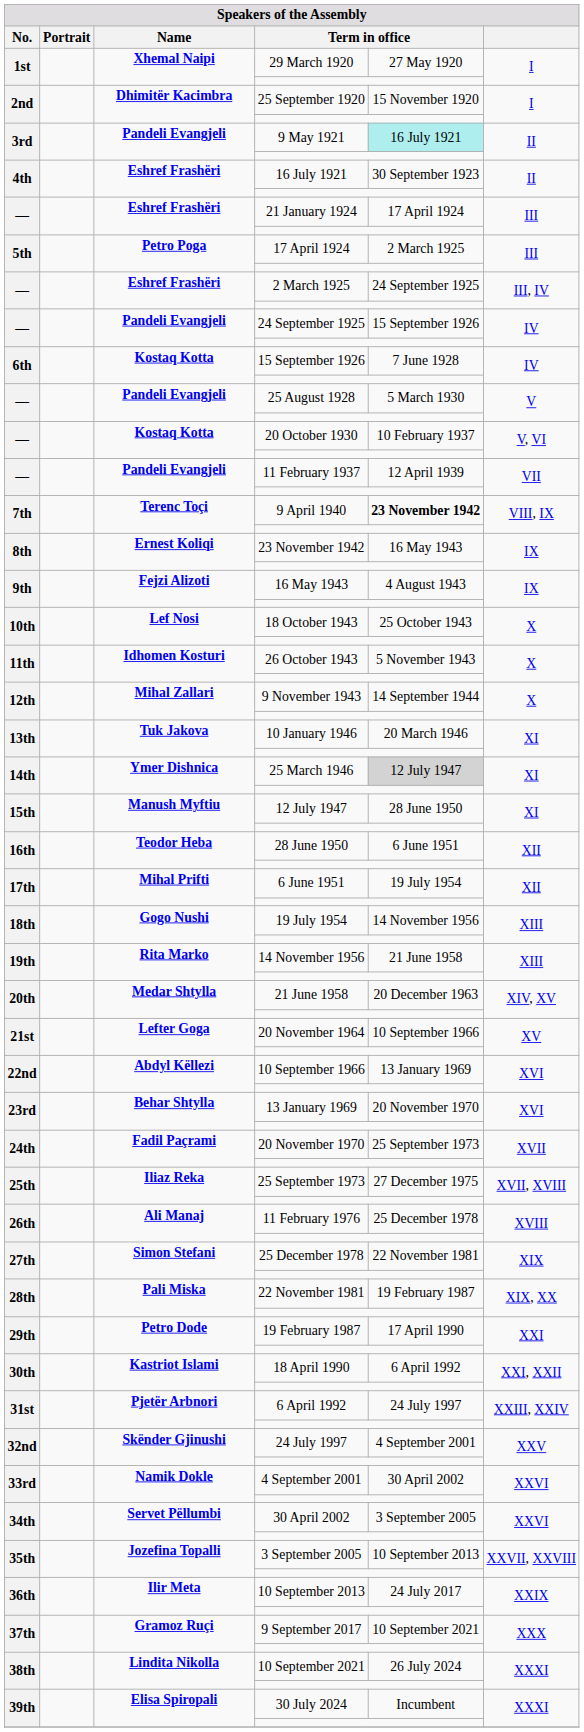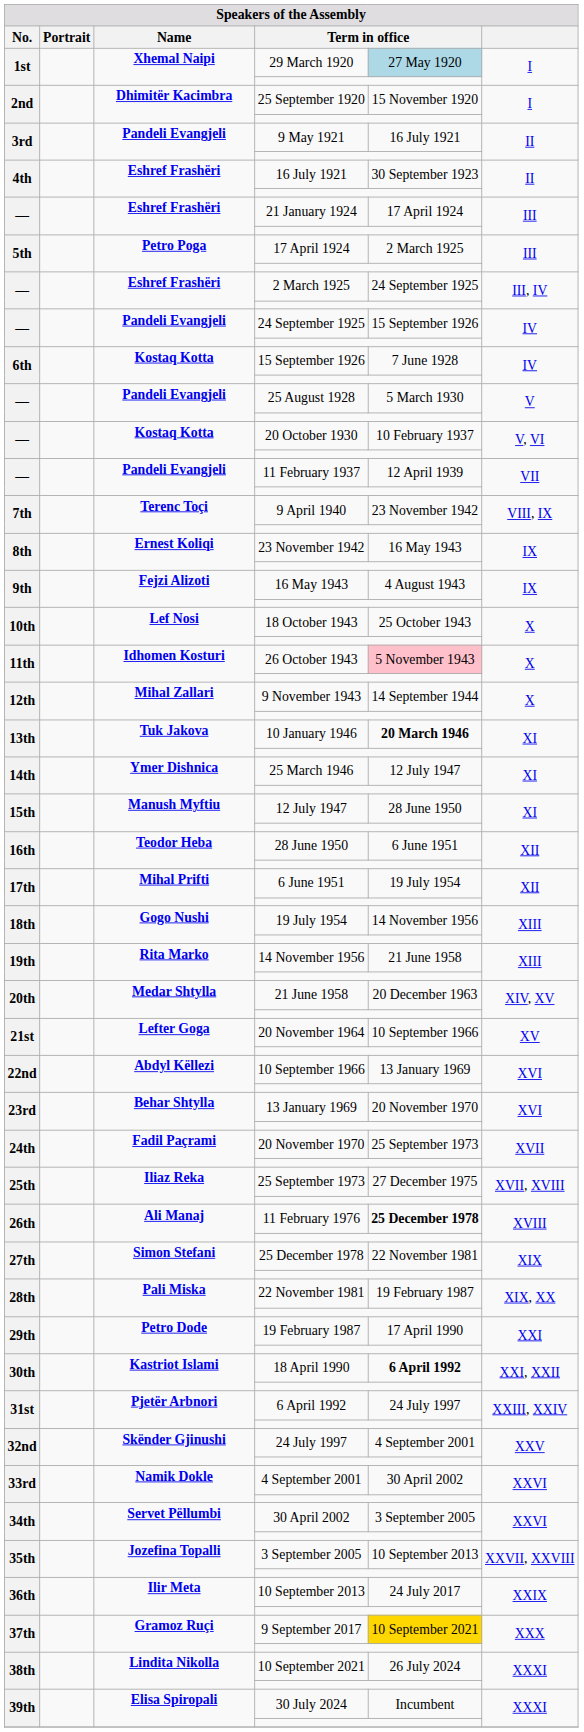 <table class="wikitable" style="text-align:center">
 <tr>
 <td colspan="8" bgcolor="#dfdde0" align=center><strong>Speakers of the Assembly</strong></td>
 </tr>
 <tr>
 <th>No.</th>
 <th>Portrait</th>
 <th width=180>Name</th>
 <th colspan=2>Term in office</th>
 <th></th>
 </tr>
 <tr>
 <th rowspan="2" style="background:">1st</th>
 <td rowspan="2"></td>
 <td rowspan="2"><strong><a href='#'>Xhemal Naipi</a></strong><br><br></td>
 <td>29 March 1920</td>
-<td>27 May 1920</td>
+<td style="background: lightblue;">27 May 1920</td>
 <td rowspan="2"><a href='#'>I</a></td>
 </tr>
 <tr>
 <td colspan="2"><em></em></td>
 </tr>
 <tr>
 <th rowspan="2" style="background:">2nd</th>
 <td rowspan="2"></td>
 <td rowspan="2"><strong><a href='#'>Dhimitër Kacimbra</a></strong><br><br></td>
 <td>25 September 1920</td>
 <td>15 November 1920</td>
 <td rowspan="2"><a href='#'>I</a></td>
 </tr>
 <tr>
 <td colspan="2"><em></em></td>
 </tr>
 <tr>
 <th rowspan="2" style="background:">3rd</th>
 <td rowspan="2"></td>
 <td rowspan="2"><strong><a href='#'>Pandeli Evangjeli</a></strong><br><br></td>
 <td>9 May 1921</td>
-<td style="background: paleturquoise;">16 July 1921</td>
+<td>16 July 1921</td>
 <td rowspan="2"><a href='#'>II</a></td>
 </tr>
 <tr>
 <td colspan="2"><em></em></td>
 </tr>
 <tr>
 <th rowspan="2" style="background:">4th</th>
 <td rowspan="2"></td>
 <td rowspan="2"><strong><a href='#'>Eshref Frashëri</a></strong><br><br></td>
 <td>16 July 1921</td>
 <td>30 September 1923</td>
 <td rowspan="2"><a href='#'>II</a></td>
 </tr>
 <tr>
 <td colspan="2"><em></em></td>
 </tr>
 <tr>
 <th rowspan="2" style="background:">—</th>
 <td rowspan="2"></td>
 <td rowspan="2"><strong><a href='#'>Eshref Frashëri</a></strong><br><br></td>
 <td>21 January 1924</td>
 <td>17 April 1924</td>
 <td rowspan="2"><a href='#'>III</a></td>
 </tr>
 <tr>
 <td colspan="2"><em></em></td>
 </tr>
 <tr>
 <th rowspan="2" style="background:">5th</th>
 <td rowspan="2"></td>
 <td rowspan="2"><strong><a href='#'>Petro Poga</a></strong><br><br></td>
 <td>17 April 1924</td>
 <td>2 March 1925</td>
 <td rowspan="2"><a href='#'>III</a></td>
 </tr>
 <tr>
 <td colspan="2"><em></em></td>
 </tr>
 <tr>
 <th rowspan="2" style="background:">—</th>
 <td rowspan="2"></td>
 <td rowspan="2"><strong><a href='#'>Eshref Frashëri</a></strong><br><br></td>
 <td>2 March 1925</td>
 <td>24 September 1925</td>
 <td rowspan="2"><a href='#'>III</a>, <a href='#'>IV</a></td>
 </tr>
 <tr>
 <td colspan="2"><em></em></td>
 </tr>
 <tr>
 <th rowspan="2" style="background:">—</th>
 <td rowspan="2"></td>
 <td rowspan="2"><strong><a href='#'>Pandeli Evangjeli</a></strong><br><br></td>
 <td>24 September 1925</td>
 <td>15 September 1926</td>
 <td rowspan="2"><a href='#'>IV</a></td>
 </tr>
 <tr>
 <td colspan="2"><em></em></td>
 </tr>
 <tr>
 <th rowspan="2" style="background:">6th</th>
 <td rowspan="2"></td>
 <td rowspan="2"><strong><a href='#'>Kostaq Kotta</a></strong><br><br></td>
 <td>15 September 1926</td>
 <td>7 June 1928</td>
 <td rowspan="2"><a href='#'>IV</a></td>
 </tr>
 <tr>
 <td colspan="2"><em></em></td>
 </tr>
 <tr>
 <th rowspan="2" style="background:">—</th>
 <td rowspan="2"></td>
 <td rowspan="2"><strong><a href='#'>Pandeli Evangjeli</a></strong><br><br></td>
 <td>25 August 1928</td>
 <td>5 March 1930</td>
 <td rowspan="2"><a href='#'>V</a></td>
 </tr>
 <tr>
 <td colspan="2"><em></em></td>
 </tr>
 <tr>
 <th rowspan="2" style="background:">—</th>
 <td rowspan="2"></td>
 <td rowspan="2"><strong><a href='#'>Kostaq Kotta</a></strong><br><br></td>
 <td>20 October 1930</td>
 <td>10 February 1937</td>
 <td rowspan="2"><a href='#'>V</a>, <a href='#'>VI</a></td>
 </tr>
 <tr>
 <td colspan="2"><em></em></td>
 </tr>
 <tr>
 <th rowspan="2" style="background:">—</th>
 <td rowspan="2"></td>
 <td rowspan="2"><strong><a href='#'>Pandeli Evangjeli</a></strong><br><br></td>
 <td>11 February 1937</td>
 <td>12 April 1939</td>
 <td rowspan="2"><a href='#'>VII</a></td>
 </tr>
 <tr>
 <td colspan="2"><em></em></td>
 </tr>
 <tr>
 <th rowspan="2" style="background:">7th</th>
 <td rowspan="2"></td>
 <td rowspan="2"><strong><a href='#'>Terenc Toçi</a></strong><br><br></td>
 <td>9 April 1940</td>
-<td><strong>23 November 1942</strong></td>
+<td>23 November 1942</td>
 <td rowspan="2"><a href='#'>VIII</a>, <a href='#'>IX</a></td>
 </tr>
 <tr>
 <td colspan="2"><em></em></td>
 </tr>
 <tr>
 <th rowspan="2" style="background:">8th</th>
 <td rowspan="2"></td>
 <td rowspan="2"><strong><a href='#'>Ernest Koliqi</a></strong><br><br></td>
 <td>23 November 1942</td>
 <td>16 May 1943</td>
 <td rowspan="2"><a href='#'>IX</a></td>
 </tr>
 <tr>
 <td colspan="2"><em></em></td>
 </tr>
 <tr>
 <th rowspan="2" style="background:">9th</th>
 <td rowspan="2"></td>
 <td rowspan="2"><strong><a href='#'>Fejzi Alizoti</a></strong><br><br></td>
 <td>16 May 1943</td>
 <td>4 August 1943</td>
 <td rowspan="2"><a href='#'>IX</a></td>
 </tr>
 <tr>
 <td colspan="2"><em></em></td>
 </tr>
 <tr>
 <th rowspan="2" style="background:">10th</th>
 <td rowspan="2"></td>
 <td rowspan="2"><strong><a href='#'>Lef Nosi</a></strong><br><br></td>
 <td>18 October 1943</td>
 <td>25 October 1943</td>
 <td rowspan="2"><a href='#'>X</a></td>
 </tr>
 <tr>
 <td colspan="2"><em></em></td>
 </tr>
 <tr>
 <th rowspan="2" style="background:">11th</th>
 <td rowspan="2"></td>
 <td rowspan="2"><strong><a href='#'>Idhomen Kosturi</a></strong><br><br></td>
 <td>26 October 1943</td>
-<td>5 November 1943</td>
+<td style="background: pink;">5 November 1943</td>
 <td rowspan="2"><a href='#'>X</a></td>
 </tr>
 <tr>
 <td colspan="2"><em></em></td>
 </tr>
 <tr>
 <th rowspan="2" style="background:">12th</th>
 <td rowspan="2"></td>
 <td rowspan="2"><strong><a href='#'>Mihal Zallari</a></strong><br><br></td>
 <td>9 November 1943</td>
 <td>14 September 1944</td>
 <td rowspan="2"><a href='#'>X</a></td>
 </tr>
 <tr>
 <td colspan="2"><em></em></td>
 </tr>
 <tr>
 <th rowspan="2" style="background:">13th</th>
 <td rowspan="2"></td>
 <td rowspan="2"><strong><a href='#'>Tuk Jakova</a></strong><br><br></td>
 <td>10 January 1946</td>
-<td>20 March 1946</td>
+<td><strong>20 March 1946</strong></td>
 <td rowspan="2"><a href='#'>XI</a></td>
 </tr>
 <tr>
 <td colspan="2"><em></em></td>
 </tr>
 <tr>
 <th rowspan="2" style="background:">14th</th>
 <td rowspan="2"></td>
 <td rowspan="2"><strong><a href='#'>Ymer Dishnica</a></strong><br><br></td>
 <td>25 March 1946</td>
-<td style="background: lightgrey;">12 July 1947</td>
+<td>12 July 1947</td>
 <td rowspan="2"><a href='#'>XI</a></td>
 </tr>
 <tr>
 <td colspan="2"><em></em></td>
 </tr>
 <tr>
 <th rowspan="2" style="background:">15th</th>
 <td rowspan="2"></td>
 <td rowspan="2"><strong><a href='#'>Manush Myftiu</a></strong><br><br></td>
 <td>12 July 1947</td>
 <td>28 June 1950</td>
 <td rowspan="2"><a href='#'>XI</a></td>
 </tr>
 <tr>
 <td colspan="2"><em></em></td>
 </tr>
 <tr>
 <th rowspan="2" style="background:">16th</th>
 <td rowspan="2"></td>
 <td rowspan="2"><strong><a href='#'>Teodor Heba</a></strong><br><br></td>
 <td>28 June 1950</td>
 <td>6 June 1951</td>
 <td rowspan="2"><a href='#'>XII</a></td>
 </tr>
 <tr>
 <td colspan="2"><em></em></td>
 </tr>
 <tr>
 <th rowspan="2" style="background:">17th</th>
 <td rowspan="2"></td>
 <td rowspan="2"><strong><a href='#'>Mihal Prifti</a></strong><br><br></td>
 <td>6 June 1951</td>
 <td>19 July 1954</td>
 <td rowspan="2"><a href='#'>XII</a></td>
 </tr>
 <tr>
 <td colspan="2"><em></em></td>
 </tr>
 <tr>
 <th rowspan="2" style="background:">18th</th>
 <td rowspan="2"></td>
 <td rowspan="2"><strong><a href='#'>Gogo Nushi</a></strong><br><br></td>
 <td>19 July 1954</td>
 <td>14 November 1956</td>
 <td rowspan="2"><a href='#'>XIII</a></td>
 </tr>
 <tr>
 <td colspan="2"><em></em></td>
 </tr>
 <tr>
 <th rowspan="2" style="background:">19th</th>
 <td rowspan="2"></td>
 <td rowspan="2"><strong><a href='#'>Rita Marko</a></strong><br><br></td>
 <td>14 November 1956</td>
 <td>21 June 1958</td>
 <td rowspan="2"><a href='#'>XIII</a></td>
 </tr>
 <tr>
 <td colspan="2"><em></em></td>
 </tr>
 <tr>
 <th rowspan="2" style="background:">20th</th>
 <td rowspan="2"></td>
 <td rowspan="2"><strong><a href='#'>Medar Shtylla</a></strong><br><br></td>
 <td>21 June 1958</td>
 <td>20 December 1963</td>
 <td rowspan="2"><a href='#'>XIV</a>, <a href='#'>XV</a></td>
 </tr>
 <tr>
 <td colspan="2"><em></em></td>
 </tr>
 <tr>
 <th rowspan="2" style="background:">21st</th>
 <td rowspan="2"></td>
 <td rowspan="2"><strong><a href='#'>Lefter Goga</a></strong><br><br></td>
 <td>20 November 1964</td>
 <td>10 September 1966</td>
 <td rowspan="2"><a href='#'>XV</a></td>
 </tr>
 <tr>
 <td colspan="2"><em></em></td>
 </tr>
 <tr>
 <th rowspan="2" style="background:">22nd</th>
 <td rowspan="2"></td>
 <td rowspan="2"><strong><a href='#'>Abdyl Këllezi</a></strong><br> <br></td>
 <td>10 September 1966</td>
 <td>13 January 1969</td>
 <td rowspan="2"><a href='#'>XVI</a></td>
 </tr>
 <tr>
 <td colspan="2"><em></em></td>
 </tr>
 <tr>
 <th rowspan="2" style="background:">23rd</th>
 <td rowspan="2"></td>
 <td rowspan="2"><strong><a href='#'>Behar Shtylla</a></strong><br><br></td>
 <td>13 January 1969</td>
 <td>20 November 1970</td>
 <td rowspan="2"><a href='#'>XVI</a></td>
 </tr>
 <tr>
 <td colspan="2"><em></em></td>
 </tr>
 <tr>
 <th rowspan="2" style="background:">24th</th>
 <td rowspan="2"></td>
 <td rowspan="2"><strong><a href='#'>Fadil Paçrami</a></strong><br><br></td>
 <td>20 November 1970</td>
 <td>25 September 1973</td>
 <td rowspan="2"><a href='#'>XVII</a></td>
 </tr>
 <tr>
 <td colspan="2"><em></em></td>
 </tr>
 <tr>
 <th rowspan="2" style="background:">25th</th>
 <td rowspan="2"></td>
 <td rowspan="2"><strong><a href='#'>Iliaz Reka</a></strong><br><br></td>
 <td>25 September 1973</td>
 <td>27 December 1975</td>
 <td rowspan="2"><a href='#'>XVII</a>, <a href='#'>XVIII</a></td>
 </tr>
 <tr>
 <td colspan="2"><em></em></td>
 </tr>
 <tr>
 <th rowspan="2" style="background:">26th</th>
 <td rowspan="2"></td>
 <td rowspan="2"><strong><a href='#'>Ali Manaj</a></strong><br><br> </td>
 <td>11 February 1976</td>
-<td>25 December 1978</td>
+<td><strong>25 December 1978</strong></td>
 <td rowspan="2"><a href='#'>XVIII</a></td>
 </tr>
 <tr>
 <td colspan="2"><em></em></td>
 </tr>
 <tr>
 <th rowspan="2" style="background:">27th</th>
 <td rowspan="2"></td>
 <td rowspan="2"><strong><a href='#'>Simon Stefani</a></strong><br><br></td>
 <td>25 December 1978</td>
 <td>22 November 1981</td>
 <td rowspan="2"><a href='#'>XIX</a></td>
 </tr>
 <tr>
 <td colspan="2"><em></em></td>
 </tr>
 <tr>
 <th rowspan="2" style="background:">28th</th>
 <td rowspan="2"></td>
 <td rowspan="2"><strong><a href='#'>Pali Miska</a></strong><br><br></td>
 <td>22 November 1981</td>
 <td>19 February 1987</td>
 <td rowspan="2"><a href='#'>XIX</a>, <a href='#'>XX</a></td>
 </tr>
 <tr>
 <td colspan="2"><em></em></td>
 </tr>
 <tr>
 <th rowspan="2" style="background:">29th</th>
 <td rowspan="2"></td>
 <td rowspan="2"><strong><a href='#'>Petro Dode</a></strong><br><br></td>
 <td>19 February 1987</td>
 <td>17 April 1990</td>
 <td rowspan="2"><a href='#'>XXI</a></td>
 </tr>
 <tr>
 <td colspan="2"><em></em></td>
 </tr>
 <tr>
 <th rowspan="2" style="background:">30th</th>
 <td rowspan="2"></td>
 <td rowspan="2"><strong><a href='#'>Kastriot Islami</a></strong><br><br></td>
 <td>18 April 1990</td>
-<td>6 April 1992</td>
+<td><strong>6 April 1992</strong></td>
 <td rowspan="2"><a href='#'>XXI</a>, <a href='#'>XXII</a></td>
 </tr>
 <tr>
 <td colspan="2"><em></em></td>
 </tr>
 <tr>
 <th rowspan="2" style="background:">31st</th>
 <td rowspan="2"></td>
 <td rowspan="2"><strong><a href='#'>Pjetër Arbnori</a></strong><br><br></td>
 <td>6 April 1992</td>
 <td>24 July 1997</td>
 <td rowspan="2"><a href='#'>XXIII</a>, <a href='#'>XXIV</a></td>
 </tr>
 <tr>
 <td colspan="2"><em></em></td>
 </tr>
 <tr>
 <th rowspan="2" style="background:">32nd</th>
 <td rowspan="2"></td>
 <td rowspan="2"><strong><a href='#'>Skënder Gjinushi</a></strong><br><br></td>
 <td>24 July 1997</td>
 <td>4 September 2001</td>
 <td rowspan="2"><a href='#'>XXV</a></td>
 </tr>
 <tr>
 <td colspan="2"><em></em></td>
 </tr>
 <tr>
 <th rowspan="2" style="background:">33rd</th>
 <td rowspan="2"></td>
 <td rowspan="2"><strong><a href='#'>Namik Dokle</a></strong><br><br></td>
 <td>4 September 2001</td>
 <td>30 April 2002</td>
 <td rowspan="2"><a href='#'>XXVI</a></td>
 </tr>
 <tr>
 <td colspan="2"><em></em></td>
 </tr>
 <tr>
 <th rowspan="2" style="background:">34th</th>
 <td rowspan="2"></td>
 <td rowspan="2"><strong><a href='#'>Servet Pëllumbi</a></strong><br><br></td>
 <td>30 April 2002</td>
 <td>3 September 2005</td>
 <td rowspan="2"><a href='#'>XXVI</a></td>
 </tr>
 <tr>
 <td colspan="2"><em></em></td>
 </tr>
 <tr>
 <th rowspan="2" style="background:">35th</th>
 <td rowspan="2"></td>
 <td rowspan="2"><strong><a href='#'>Jozefina Topalli</a></strong><br><br></td>
 <td>3 September 2005</td>
 <td>10 September 2013</td>
 <td rowspan="2"><a href='#'>XXVII</a>, <a href='#'>XXVIII</a></td>
 </tr>
 <tr>
 <td colspan="2"><em></em></td>
 </tr>
 <tr>
 <th rowspan="2" style="background:">36th</th>
 <td rowspan="2"></td>
 <td rowspan="2"><strong><a href='#'>Ilir Meta</a></strong><br><br></td>
 <td>10 September 2013</td>
 <td>24 July 2017</td>
 <td rowspan="2"><a href='#'>XXIX</a></td>
 </tr>
 <tr>
 <td colspan="2"><em></em></td>
 </tr>
 <tr>
 <th rowspan="2" style="background:">37th</th>
 <td rowspan="2"></td>
 <td rowspan="2"><strong><a href='#'>Gramoz Ruçi</a></strong><br><br></td>
 <td>9 September 2017</td>
-<td>10 September 2021</td>
+<td style="background: gold;">10 September 2021</td>
 <td rowspan="2"><a href='#'>XXX</a></td>
 </tr>
 <tr>
 <td colspan="2"><em></em></td>
 </tr>
 <tr>
 <th rowspan="2" style="background:">38th</th>
 <td rowspan="2"></td>
 <td rowspan="2"><strong><a href='#'>Lindita Nikolla</a></strong><br><br></td>
 <td>10 September 2021</td>
 <td>26 July 2024</td>
 <td rowspan="2"><a href='#'>XXXI</a></td>
 </tr>
 <tr>
 <td colspan="2"><em></em></td>
 </tr>
 <tr>
 <th rowspan="2" style="background:">39th</th>
 <td rowspan="2"></td>
 <td rowspan="2"><strong><a href='#'>Elisa Spiropali</a></strong><br><br></td>
 <td>30 July 2024</td>
 <td>Incumbent</td>
 <td rowspan="2"><a href='#'>XXXI</a></td>
 </tr>
 <tr>
 <td colspan="2"><em></em></td>
 </tr>
 <tr>
 </tr>
 </table>
